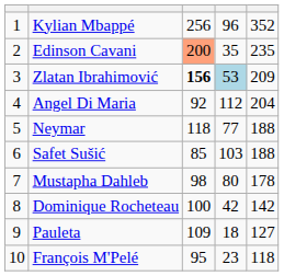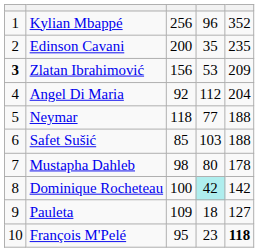 <table class="wikitable plainrowheaders sortable" style="text-align:center">
 <tr>
 <th></th>
 <th></th>
 <th></th>
 <th></th>
 <th></th>
 </tr>
 <tr>
 <td>1</td>
 <td align="left"> <a href='#'>Kylian Mbappé</a></td>
 <td>256</td>
 <td>96</td>
 <td>352</td>
 </tr>
 <tr>
 <td>2</td>
 <td align="left"> <a href='#'>Edinson Cavani</a></td>
-<td style="background: lightsalmon;">200</td>
+<td>200</td>
 <td>35</td>
 <td>235</td>
 </tr>
 <tr>
-<td>3</td>
+<td><strong>3</strong></td>
 <td align="left"> <a href='#'>Zlatan Ibrahimović</a></td>
-<td><strong>156</strong></td>
-<td style="background: lightblue;">53</td>
+<td>156</td>
+<td>53</td>
 <td>209</td>
 </tr>
 <tr>
 <td>4</td>
 <td align="left"> <a href='#'>Angel Di Maria</a></td>
 <td>92</td>
 <td>112</td>
 <td>204</td>
 </tr>
 <tr>
 <td>5</td>
 <td align="left"> <a href='#'>Neymar</a></td>
 <td>118</td>
 <td>77</td>
 <td>188</td>
 </tr>
 <tr>
 <td>6</td>
 <td align="left"> <a href='#'>Safet Sušić</a></td>
 <td>85</td>
 <td>103</td>
 <td>188</td>
 </tr>
 <tr>
 <td>7</td>
 <td align="left"> <a href='#'>Mustapha Dahleb</a></td>
 <td>98</td>
 <td>80</td>
 <td>178</td>
 </tr>
 <tr>
 <td>8</td>
 <td align="left"> <a href='#'>Dominique Rocheteau</a></td>
 <td>100</td>
-<td>42</td>
+<td style="background: paleturquoise;">42</td>
 <td>142</td>
 </tr>
 <tr>
 <td>9</td>
 <td align="left"> <a href='#'>Pauleta</a></td>
 <td>109</td>
 <td>18</td>
 <td>127</td>
 </tr>
 <tr>
 <td>10</td>
 <td align="left"> <a href='#'>François M'Pelé</a></td>
 <td>95</td>
 <td>23</td>
-<td>118</td>
+<td><strong>118</strong></td>
 </tr>
 </table>
